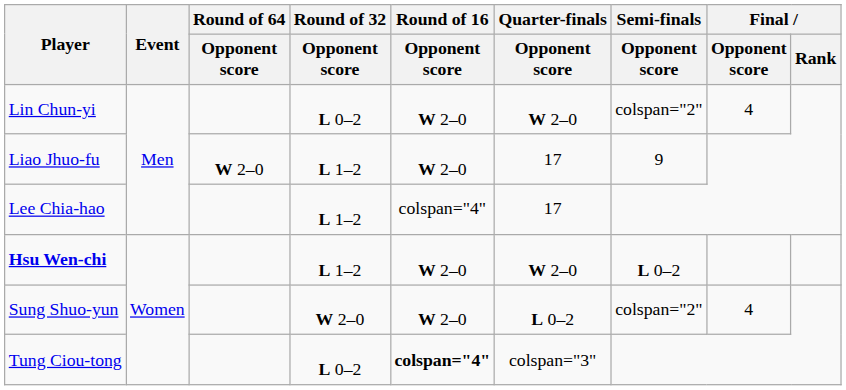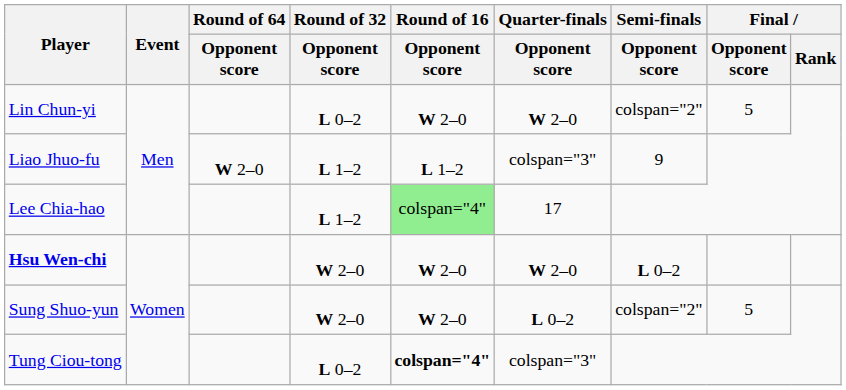 <table class="wikitable" style="font-size:90%; text-align:center">
 <tr>
 <th rowspan="2">Player</th>
 <th rowspan="2">Event</th>
 <th>Round of 64</th>
 <th>Round of 32</th>
 <th>Round of 16</th>
 <th>Quarter-finals</th>
 <th>Semi-finals</th>
 <th colspan="2">Final / </th>
 </tr>
 <tr>
 <th>Opponent<br>score</th>
 <th>Opponent<br>score</th>
 <th>Opponent<br>score</th>
 <th>Opponent<br>score</th>
 <th>Opponent<br>score</th>
 <th>Opponent<br>score</th>
 <th>Rank</th>
 </tr>
 <tr>
 <td align="left"><a href='#'>Lin Chun-yi</a></td>
 <td rowspan="3"><a href='#'>Men</a></td>
 <td></td>
 <td><br><strong>L</strong> 0–2</td>
 <td><br><strong>W</strong> 2–0</td>
 <td><br><strong>W</strong> 2–0</td>
 <td>colspan="2" </td>
-<td>4</td>
+<td>5</td>
 </tr>
 <tr>
 <td align="left"><a href='#'>Liao Jhuo-fu</a></td>
 <td><br><strong>W</strong> 2–0</td>
 <td><br><strong>L</strong> 1–2</td>
-<td><br><strong>W</strong> 2–0</td>
-<td>17</td>
+<td><br><strong>L</strong> 1–2</td>
+<td>colspan="3" </td>
 <td>9</td>
 </tr>
 <tr>
 <td align="left"><a href='#'>Lee Chia-hao</a></td>
 <td></td>
 <td><br><strong>L</strong> 1–2</td>
-<td>colspan="4" </td>
+<td style="background: lightgreen;">colspan="4" </td>
 <td>17</td>
 </tr>
 <tr>
 <td align="left"><strong><a href='#'>Hsu Wen-chi</a></strong></td>
 <td rowspan="3"><a href='#'>Women</a></td>
 <td></td>
-<td><br><strong>L</strong> 1–2</td>
+<td><br><strong>W</strong> 2–0</td>
 <td><br><strong>W</strong> 2–0</td>
 <td><br><strong>W</strong> 2–0</td>
 <td><br><strong>L</strong> 0–2</td>
 <td></td>
 <td></td>
 </tr>
 <tr>
 <td align="left"><a href='#'>Sung Shuo-yun</a></td>
 <td></td>
 <td><br><strong>W</strong> 2–0</td>
 <td><br><strong>W</strong> 2–0</td>
 <td><br><strong>L</strong> 0–2</td>
 <td>colspan="2" </td>
-<td>4</td>
+<td>5</td>
 </tr>
 <tr>
 <td align="left"><a href='#'>Tung Ciou-tong</a></td>
 <td></td>
 <td><br><strong>L</strong> 0–2</td>
 <td><strong>colspan="4" </strong></td>
 <td>colspan="3" </td>
 </tr>
 </table>
